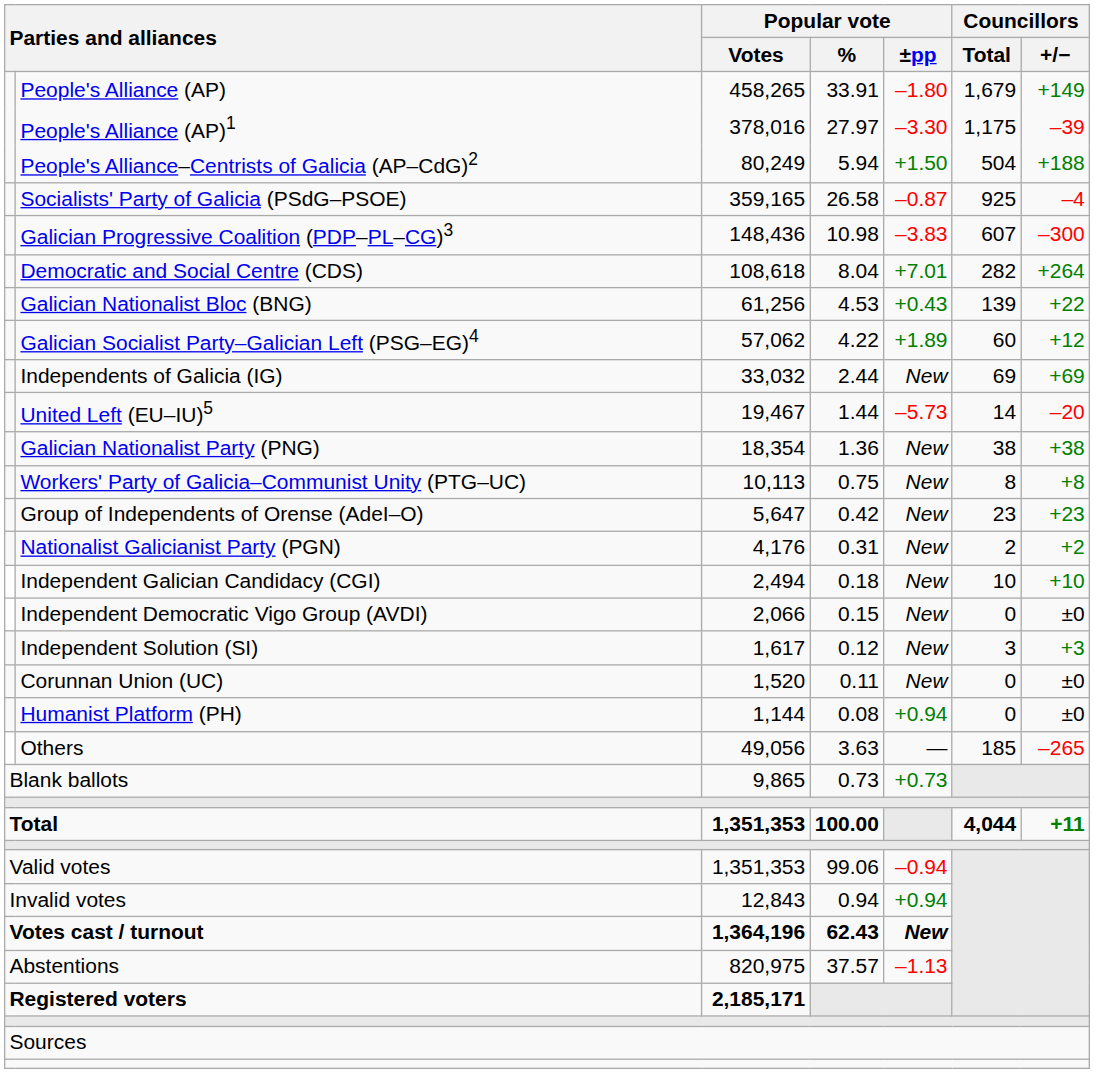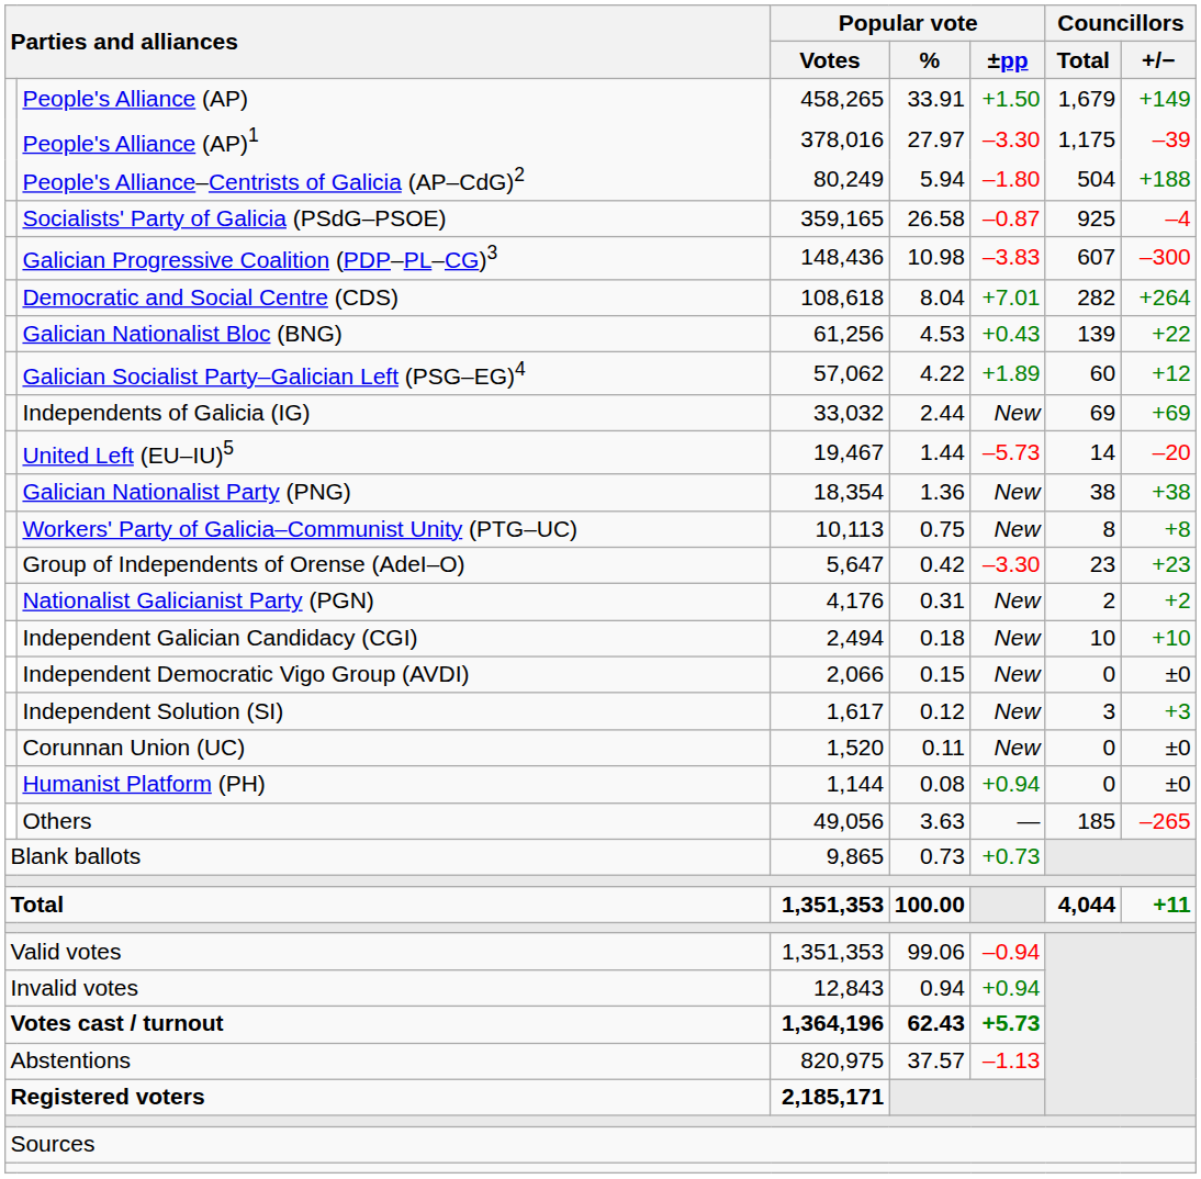 <table class="wikitable" style="text-align:right;">
 <tr>
 <th style="text-align:left;" rowspan="2" colspan="2" width="525">Parties and alliances</th>
 <th colspan="3">Popular vote</th>
 <th colspan="2">Councillors</th>
 </tr>
 <tr>
 <th width="75">Votes</th>
 <th width="45">%</th>
 <th width="45">±<a href='#'>pp</a></th>
 <th width="45">Total</th>
 <th width="45">+/−</th>
 </tr>
 <tr style="line-height:22px;">
 <td width="1" rowspan="3"></td>
 <td align="left"><a href='#'>People's Alliance</a> (AP)</td>
 <td>458,265</td>
 <td>33.91</td>
-<td style="color:red;">–1.80</td>
+<td style="color:green;">+1.50</td>
 <td>1,679</td>
 <td style="color:green;">+149</td>
 </tr>
 <tr style="border-bottom-style:hidden; border-top-style:hidden; line-height:16px;">
 <td align="left"><span><a href='#'>People's Alliance</a> (AP)<sup>1</sup></span></td>
 <td>378,016</td>
 <td>27.97</td>
 <td style="color:red;">–3.30</td>
 <td>1,175</td>
 <td style="color:red;">–39</td>
 </tr>
 <tr style="line-height:16px;">
 <td align="left"><span><a href='#'>People's Alliance</a>–<a href='#'>Centrists of Galicia</a> (AP–CdG)<sup>2</sup></span></td>
 <td>80,249</td>
 <td>5.94</td>
-<td style="color:green;">+1.50</td>
+<td style="color:red;">–1.80</td>
 <td>504</td>
 <td style="color:green;">+188</td>
 </tr>
 <tr>
 <td style="color:inherit;background:"></td>
 <td align="left"><a href='#'>Socialists' Party of Galicia</a> (PSdG–PSOE)</td>
 <td>359,165</td>
 <td>26.58</td>
 <td style="color:red;">–0.87</td>
 <td>925</td>
 <td style="color:red;">–4</td>
 </tr>
 <tr>
 <td style="color:inherit;background:"></td>
 <td align="left"><a href='#'>Galician Progressive Coalition</a> (<a href='#'>PDP</a>–<a href='#'>PL</a>–<a href='#'>CG</a>)<sup>3</sup></td>
 <td>148,436</td>
 <td>10.98</td>
 <td style="color:red;">–3.83</td>
 <td>607</td>
 <td style="color:red;">–300</td>
 </tr>
 <tr>
 <td style="color:inherit;background:"></td>
 <td align="left"><a href='#'>Democratic and Social Centre</a> (CDS)</td>
 <td>108,618</td>
 <td>8.04</td>
 <td style="color:green;">+7.01</td>
 <td>282</td>
 <td style="color:green;">+264</td>
 </tr>
 <tr>
 <td style="color:inherit;background:"></td>
 <td align="left"><a href='#'>Galician Nationalist Bloc</a> (BNG)</td>
 <td>61,256</td>
 <td>4.53</td>
 <td style="color:green;">+0.43</td>
 <td>139</td>
 <td style="color:green;">+22</td>
 </tr>
 <tr>
 <td style="color:inherit;background:"></td>
 <td align="left"><a href='#'>Galician Socialist Party–Galician Left</a> (PSG–EG)<sup>4</sup></td>
 <td>57,062</td>
 <td>4.22</td>
 <td style="color:green;">+1.89</td>
 <td>60</td>
 <td style="color:green;">+12</td>
 </tr>
 <tr>
 <td style="color:inherit;background:"></td>
 <td align="left">Independents of Galicia (IG)</td>
 <td>33,032</td>
 <td>2.44</td>
 <td><em>New</em></td>
 <td>69</td>
 <td style="color:green;">+69</td>
 </tr>
 <tr>
 <td style="color:inherit;background:"></td>
 <td align="left"><a href='#'>United Left</a> (EU–IU)<sup>5</sup></td>
 <td>19,467</td>
 <td>1.44</td>
 <td style="color:red;">–5.73</td>
 <td>14</td>
 <td style="color:red;">–20</td>
 </tr>
 <tr>
 <td style="color:inherit;background:"></td>
 <td align="left"><a href='#'>Galician Nationalist Party</a> (PNG)</td>
 <td>18,354</td>
 <td>1.36</td>
 <td><em>New</em></td>
 <td>38</td>
 <td style="color:green;">+38</td>
 </tr>
 <tr>
 <td style="color:inherit;background:"></td>
 <td align="left"><a href='#'>Workers' Party of Galicia–Communist Unity</a> (PTG–UC)</td>
 <td>10,113</td>
 <td>0.75</td>
 <td><em>New</em></td>
 <td>8</td>
 <td style="color:green;">+8</td>
 </tr>
 <tr>
 <td style="color:inherit;background:"></td>
 <td align="left">Group of Independents of Orense (AdeI–O)</td>
 <td>5,647</td>
 <td>0.42</td>
-<td><em>New</em></td>
+<td style="color:red;">–3.30</td>
 <td>23</td>
 <td style="color:green;">+23</td>
 </tr>
 <tr>
 <td style="color:inherit;background:"></td>
 <td align="left"><a href='#'>Nationalist Galicianist Party</a> (PGN)</td>
 <td>4,176</td>
 <td>0.31</td>
 <td><em>New</em></td>
 <td>2</td>
 <td style="color:green;">+2</td>
 </tr>
 <tr>
 <td bgcolor="white"></td>
 <td align="left">Independent Galician Candidacy (CGI)</td>
 <td>2,494</td>
 <td>0.18</td>
 <td><em>New</em></td>
 <td>10</td>
 <td style="color:green;">+10</td>
 </tr>
 <tr>
 <td bgcolor="white"></td>
 <td align="left">Independent Democratic Vigo Group (AVDI)</td>
 <td>2,066</td>
 <td>0.15</td>
 <td><em>New</em></td>
 <td>0</td>
 <td>±0</td>
 </tr>
 <tr>
 <td style="color:inherit;background:"></td>
 <td align="left">Independent Solution (SI)</td>
 <td>1,617</td>
 <td>0.12</td>
 <td><em>New</em></td>
 <td>3</td>
 <td style="color:green;">+3</td>
 </tr>
 <tr>
 <td style="color:inherit;background:"></td>
 <td align="left">Corunnan Union (UC)</td>
 <td>1,520</td>
 <td>0.11</td>
 <td><em>New</em></td>
 <td>0</td>
 <td>±0</td>
 </tr>
 <tr>
 <td style="color:inherit;background:"></td>
 <td align="left"><a href='#'>Humanist Platform</a> (PH)</td>
 <td>1,144</td>
 <td>0.08</td>
 <td style="color:green;">+0.94</td>
 <td>0</td>
 <td>±0</td>
 </tr>
 <tr>
 <td bgcolor="white"></td>
 <td align="left">Others</td>
 <td>49,056</td>
 <td>3.63</td>
 <td>—</td>
 <td>185</td>
 <td style="color:red;">–265</td>
 </tr>
 <tr>
 <td align="left" colspan="2">Blank ballots</td>
 <td>9,865</td>
 <td>0.73</td>
 <td style="color:green;">+0.73</td>
 <td style="color:inherit;background:#E9E9E9" colspan="2"></td>
 </tr>
 <tr>
 <td colspan="7" style="color:inherit;background:#E9E9E9"></td>
 </tr>
 <tr style="font-weight:bold;">
 <td align="left" colspan="2">Total</td>
 <td>1,351,353</td>
 <td>100.00</td>
 <td bgcolor="#E9E9E9"></td>
 <td>4,044</td>
 <td style="color:green;">+11</td>
 </tr>
 <tr>
 <td colspan="7" style="color:inherit;background:#E9E9E9"></td>
 </tr>
 <tr>
 <td align="left" colspan="2">Valid votes</td>
 <td>1,351,353</td>
 <td>99.06</td>
 <td style="color:red;">–0.94</td>
 <td bgcolor="#E9E9E9" colspan="2" rowspan="5"></td>
 </tr>
 <tr>
 <td align="left" colspan="2">Invalid votes</td>
 <td>12,843</td>
 <td>0.94</td>
 <td style="color:green;">+0.94</td>
 </tr>
 <tr style="font-weight:bold;">
 <td align="left" colspan="2">Votes cast / turnout</td>
 <td>1,364,196</td>
 <td>62.43</td>
-<td><em>New</em></td>
+<td style="color:green;">+5.73</td>
 </tr>
 <tr>
 <td align="left" colspan="2">Abstentions</td>
 <td>820,975</td>
 <td>37.57</td>
 <td style="color:red;">–1.13</td>
 </tr>
 <tr style="font-weight:bold;">
 <td align="left" colspan="2">Registered voters</td>
 <td>2,185,171</td>
 <td bgcolor="#E9E9E9" colspan="2"></td>
 </tr>
 <tr>
 <td colspan="7" style="color:inherit;background:#E9E9E9"></td>
 </tr>
 <tr>
 <td align="left" colspan="7">Sources</td>
 </tr>
 <tr>
 <td colspan="7" style="text-align:left; max-width:790px;"></td>
 </tr>
 </table>
